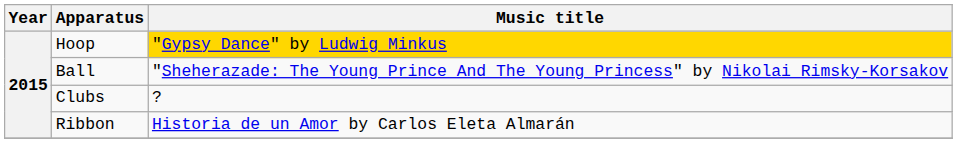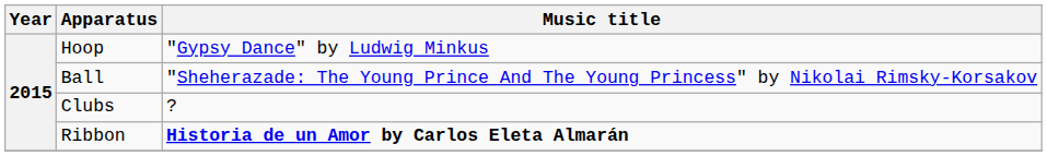 <table class="wikitable plainrowheaders">
 <tr>
 <th scope=col>Year</th>
 <th scope=col>Apparatus</th>
 <th scope=col>Music title</th>
 </tr>
 <tr>
 <th scope=row rowspan=4>2015</th>
 <td>Hoop</td>
-<td style="background: gold;">"<a href='#'>Gypsy Dance</a>" by <a href='#'>Ludwig Minkus</a></td>
+<td>"<a href='#'>Gypsy Dance</a>" by <a href='#'>Ludwig Minkus</a></td>
 </tr>
 <tr>
 <td>Ball</td>
 <td>"<a href='#'>Sheherazade: The Young Prince And The Young Princess</a>" by <a href='#'>Nikolai Rimsky-Korsakov</a></td>
 </tr>
 <tr>
 <td>Clubs</td>
 <td>?</td>
 </tr>
 <tr>
 <td>Ribbon</td>
-<td><a href='#'>Historia de un Amor</a> by  Carlos Eleta Almarán</td>
+<td><strong><a href='#'>Historia de un Amor</a> by  Carlos Eleta Almarán</strong></td>
 </tr>
 <tr>
 </tr>
 </table>
